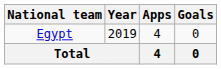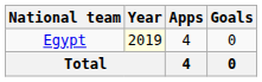 <table class="wikitable" style="text-align:center">
 <tr>
 <th>National team</th>
 <th>Year</th>
 <th>Apps</th>
 <th>Goals</th>
 </tr>
 <tr>
 <td rowspan="1"><a href='#'>Egypt</a></td>
-<td>2019</td>
+<td style="background: lightyellow;">2019</td>
 <td>4</td>
 <td>0</td>
 </tr>
 <tr>
 <th colspan="2">Total</th>
 <th>4</th>
 <th>0</th>
 </tr>
 </table>
